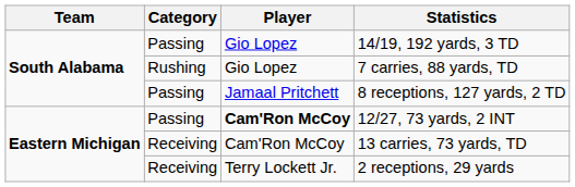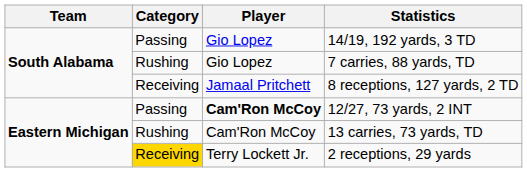 <table class="wikitable" style="float: right;">
 <tr>
 <th>Team</th>
 <th>Category</th>
 <th>Player</th>
 <th>Statistics</th>
 </tr>
 <tr>
 <td rowspan=3><strong>South Alabama</strong></td>
 <td>Passing</td>
 <td><a href='#'>Gio Lopez</a></td>
 <td>14/19, 192 yards, 3 TD</td>
 </tr>
 <tr>
 <td>Rushing</td>
 <td>Gio Lopez</td>
 <td>7 carries, 88 yards, TD</td>
 </tr>
 <tr>
-<td>Passing</td>
+<td>Receiving</td>
 <td><a href='#'>Jamaal Pritchett</a></td>
 <td>8 receptions, 127 yards, 2 TD</td>
 </tr>
 <tr>
 <td rowspan=3><strong>Eastern Michigan</strong></td>
 <td>Passing</td>
 <td><strong>Cam'Ron McCoy</strong></td>
 <td>12/27, 73 yards, 2 INT</td>
 </tr>
 <tr>
-<td>Receiving</td>
+<td>Rushing</td>
 <td>Cam'Ron McCoy</td>
 <td>13 carries, 73 yards, TD</td>
 </tr>
 <tr>
-<td>Receiving</td>
+<td style="background: gold;">Receiving</td>
 <td>Terry Lockett Jr.</td>
 <td>2 receptions, 29 yards</td>
 </tr>
 </table>
